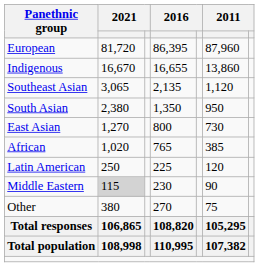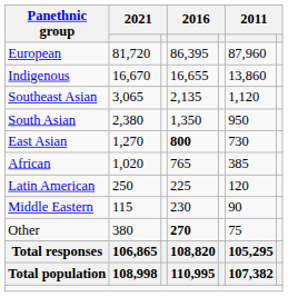 <table class="wikitable collapsible sortable">
 <tr>
 <th rowspan="2"><a href='#'>Panethnic</a><br>group</th>
 <th colspan="2">2021</th>
 <th colspan="2">2016</th>
 <th colspan="2">2011</th>
 </tr>
 <tr>
 <th><a href='#'></a></th>
 <th></th>
 <th></th>
 <th></th>
 <th></th>
 <th></th>
 </tr>
 <tr>
 <td><a href='#'>European</a></td>
 <td>81,720</td>
 <td></td>
 <td>86,395</td>
 <td></td>
 <td>87,960</td>
 <td></td>
 </tr>
 <tr>
 <td><a href='#'>Indigenous</a></td>
 <td>16,670</td>
 <td></td>
 <td>16,655</td>
 <td></td>
 <td>13,860</td>
 <td></td>
 </tr>
 <tr>
 <td><a href='#'>Southeast Asian</a></td>
 <td>3,065</td>
 <td></td>
 <td>2,135</td>
 <td></td>
 <td>1,120</td>
 <td></td>
 </tr>
 <tr>
 <td><a href='#'>South Asian</a></td>
 <td>2,380</td>
 <td></td>
 <td>1,350</td>
 <td></td>
 <td>950</td>
 <td></td>
 </tr>
 <tr>
 <td><a href='#'>East Asian</a></td>
 <td>1,270</td>
 <td></td>
-<td>800</td>
+<td><strong>800</strong></td>
 <td></td>
 <td>730</td>
 <td></td>
 </tr>
 <tr>
 <td><a href='#'>African</a></td>
 <td>1,020</td>
 <td></td>
 <td>765</td>
 <td></td>
 <td>385</td>
 <td></td>
 </tr>
 <tr>
 <td><a href='#'>Latin American</a></td>
 <td>250</td>
 <td></td>
 <td>225</td>
 <td></td>
 <td>120</td>
 <td></td>
 </tr>
 <tr>
 <td><a href='#'>Middle Eastern</a></td>
-<td style="background: lightgrey;">115</td>
+<td>115</td>
 <td></td>
 <td>230</td>
 <td></td>
 <td>90</td>
 <td></td>
 </tr>
 <tr>
 <td>Other</td>
 <td>380</td>
 <td></td>
-<td>270</td>
+<td><strong>270</strong></td>
 <td></td>
 <td>75</td>
 <td></td>
 </tr>
 <tr>
 <th>Total responses</th>
 <th>106,865</th>
 <th></th>
 <th>108,820</th>
 <th></th>
 <th>105,295</th>
 <th></th>
 </tr>
 <tr>
 <th>Total population</th>
 <th>108,998</th>
 <th></th>
 <th>110,995</th>
 <th></th>
 <th>107,382</th>
 <th></th>
 </tr>
 <tr class="sortbottom">
 <td colspan="15"></td>
 </tr>
 </table>
